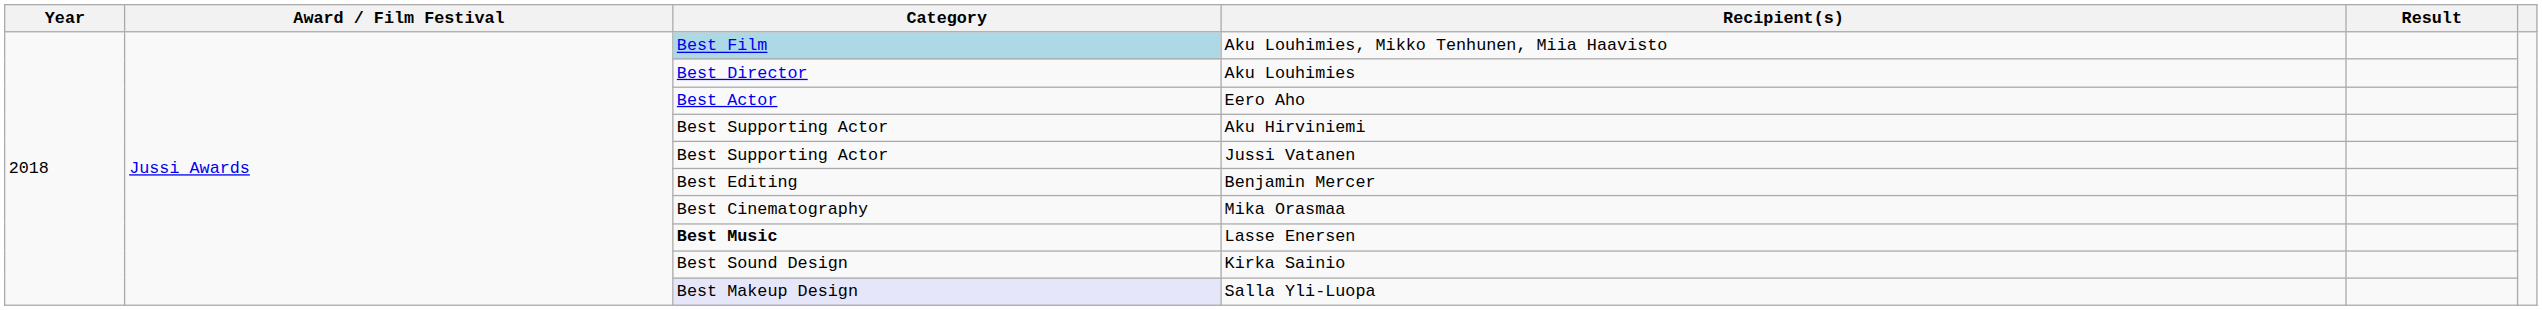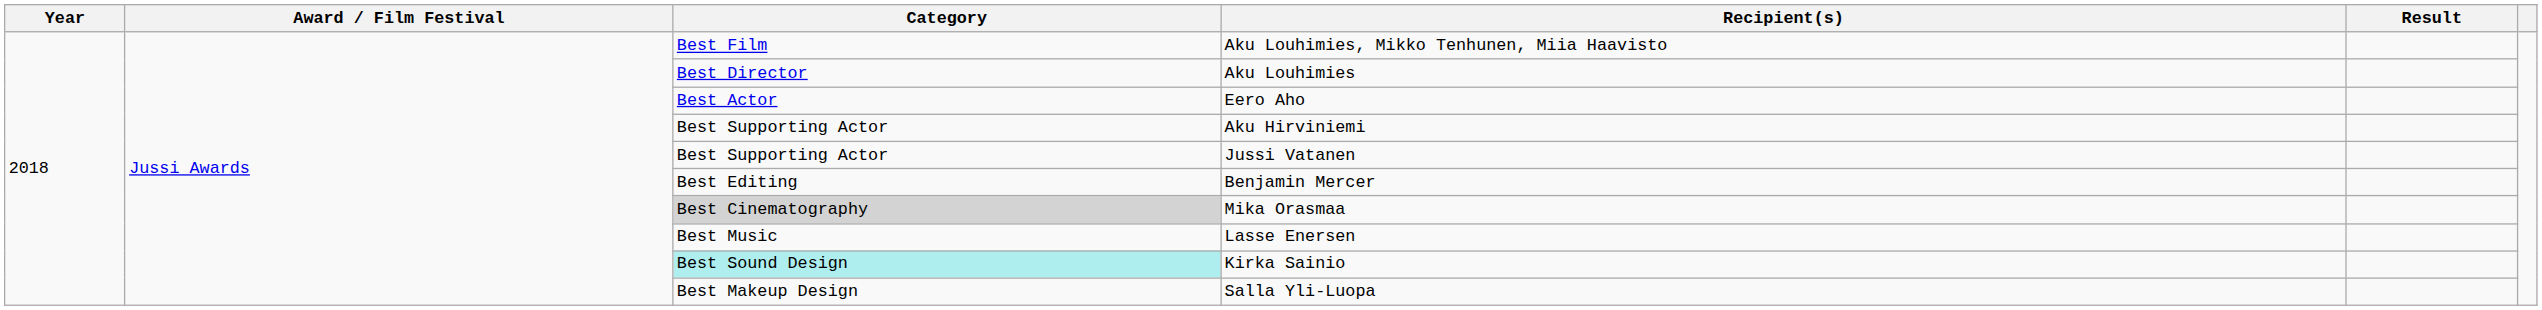 <table class="wikitable plainrowheaders sortable" style="width: 99%;">
 <tr>
 <th scope="col">Year</th>
 <th scope="col">Award / Film Festival</th>
 <th scope="col">Category</th>
 <th scope="col">Recipient(s)</th>
 <th scope="col">Result</th>
 <th scope="col" class="unsortable"></th>
 </tr>
 <tr>
 <td rowspan="10">2018</td>
 <td rowspan="10"><a href='#'>Jussi Awards</a></td>
-<td style="background: lightblue;"><a href='#'>Best Film</a></td>
+<td><a href='#'>Best Film</a></td>
 <td>Aku Louhimies, Mikko Tenhunen, Miia Haavisto</td>
 <td></td>
 <td style="text-align:center;"  rowspan="10"></td>
 </tr>
 <tr>
 <td><a href='#'>Best Director</a></td>
 <td>Aku Louhimies</td>
 <td></td>
 </tr>
 <tr>
 <td><a href='#'>Best Actor</a></td>
 <td>Eero Aho</td>
 <td></td>
 </tr>
 <tr>
 <td>Best Supporting Actor</td>
 <td>Aku Hirviniemi</td>
 <td></td>
 </tr>
 <tr>
 <td>Best Supporting Actor</td>
 <td>Jussi Vatanen</td>
 <td></td>
 </tr>
 <tr>
 <td>Best Editing</td>
 <td>Benjamin Mercer</td>
 <td></td>
 </tr>
 <tr>
-<td>Best Cinematography</td>
+<td style="background: lightgrey;">Best Cinematography</td>
 <td>Mika Orasmaa</td>
 <td></td>
 </tr>
 <tr>
-<td><strong>Best Music</strong></td>
+<td>Best Music</td>
 <td>Lasse Enersen</td>
 <td></td>
 </tr>
 <tr>
-<td>Best Sound Design</td>
+<td style="background: paleturquoise;">Best Sound Design</td>
 <td>Kirka Sainio</td>
 <td></td>
 </tr>
 <tr>
-<td style="background: lavender;">Best Makeup Design</td>
+<td>Best Makeup Design</td>
 <td>Salla Yli-Luopa</td>
 <td></td>
 </tr>
 </table>
